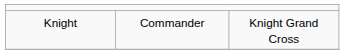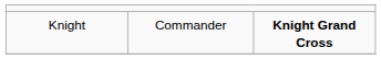 <table align=center class=wikitable width=30% style="margin:1em auto;">
 <tr>
 <td colspan="3" align="center"></td>
 </tr>
 <tr>
 <td width=20% valign=top align=center><small>Knight</small></td>
 <td width=20% valign=top align=center><small>Commander</small></td>
-<td width=20% valign=top align=center><small>Knight Grand Cross</small></td>
+<td width=20% valign=top align=center><strong><small>Knight Grand Cross</small></strong></td>
 </tr>
 <tr>
 </tr>
 </table>
